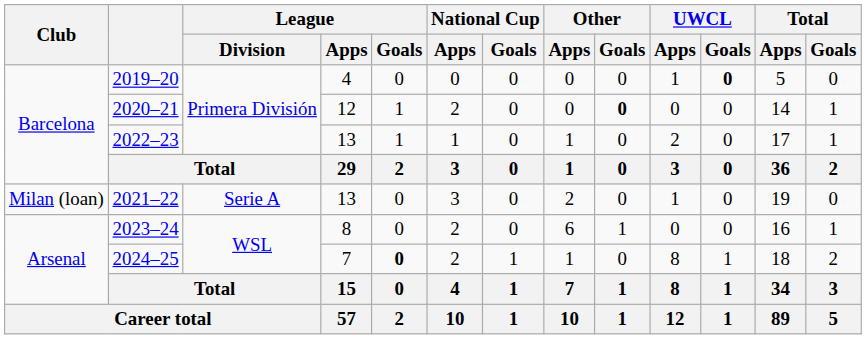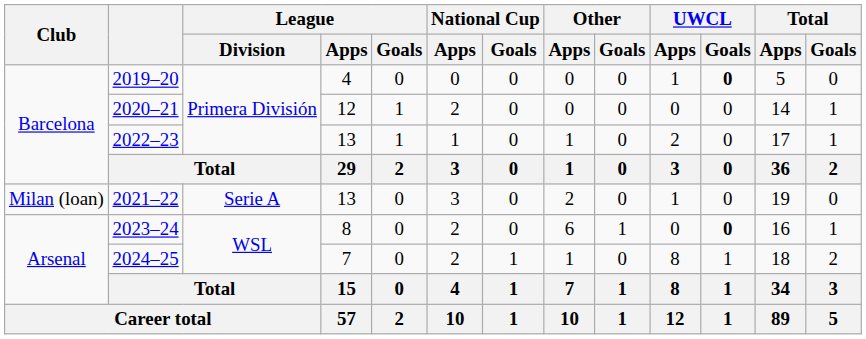 <table class=wikitable style=text-align:center>
 <tr>
 <th rowspan=2>Club</th>
 <th rowspan=2></th>
 <th colspan=3>League</th>
 <th colspan=2>National Cup</th>
 <th colspan="2">Other</th>
 <th colspan=2><a href='#'>UWCL</a></th>
 <th colspan=2>Total</th>
 </tr>
 <tr>
 <th>Division</th>
 <th>Apps</th>
 <th>Goals</th>
 <th>Apps</th>
 <th>Goals</th>
 <th>Apps</th>
 <th>Goals</th>
 <th>Apps</th>
 <th>Goals</th>
 <th>Apps</th>
 <th>Goals</th>
 </tr>
 <tr>
 <td rowspan="4"><a href='#'>Barcelona</a></td>
 <td><a href='#'>2019–20</a></td>
 <td rowspan="3" valign="center"><a href='#'>Primera División</a></td>
 <td>4</td>
 <td>0</td>
 <td>0</td>
 <td>0</td>
 <td>0</td>
 <td>0</td>
 <td>1</td>
 <td><strong>0</strong></td>
 <td>5</td>
 <td>0</td>
 </tr>
 <tr>
 <td><a href='#'>2020–21</a></td>
 <td>12</td>
 <td>1</td>
 <td>2</td>
 <td>0</td>
 <td>0</td>
-<td><strong>0</strong></td>
+<td>0</td>
 <td>0</td>
 <td>0</td>
 <td>14</td>
 <td>1</td>
 </tr>
 <tr>
 <td><a href='#'>2022–23</a></td>
 <td>13</td>
 <td>1</td>
 <td>1</td>
 <td>0</td>
 <td>1</td>
 <td>0</td>
 <td>2</td>
 <td>0</td>
 <td>17</td>
 <td>1</td>
 </tr>
 <tr>
 <th colspan="2">Total</th>
 <th>29</th>
 <th>2</th>
 <th>3</th>
 <th>0</th>
 <th>1</th>
 <th>0</th>
 <th>3</th>
 <th>0</th>
 <th>36</th>
 <th>2</th>
 </tr>
 <tr>
 <td><a href='#'>Milan</a> (loan)</td>
 <td><a href='#'>2021–22</a></td>
 <td valign="center"><a href='#'>Serie A</a></td>
 <td>13</td>
 <td>0</td>
 <td>3</td>
 <td>0</td>
 <td>2</td>
 <td>0</td>
 <td>1</td>
 <td>0</td>
 <td>19</td>
 <td>0</td>
 </tr>
 <tr>
 <td rowspan="3"><a href='#'>Arsenal</a></td>
 <td><a href='#'>2023–24</a></td>
 <td rowspan="2" valign="center"><a href='#'>WSL</a></td>
 <td>8</td>
 <td>0</td>
 <td>2</td>
 <td>0</td>
 <td>6</td>
 <td>1</td>
 <td>0</td>
-<td>0</td>
+<td><strong>0</strong></td>
 <td>16</td>
 <td>1</td>
 </tr>
 <tr>
 <td><a href='#'>2024–25</a></td>
 <td>7</td>
-<td><strong>0</strong></td>
+<td>0</td>
 <td>2</td>
 <td>1</td>
 <td>1</td>
 <td>0</td>
 <td>8</td>
 <td>1</td>
 <td>18</td>
 <td>2</td>
 </tr>
 <tr>
 <th colspan="2">Total</th>
 <th>15</th>
 <th>0</th>
 <th>4</th>
 <th>1</th>
 <th>7</th>
 <th>1</th>
 <th>8</th>
 <th>1</th>
 <th>34</th>
 <th>3</th>
 </tr>
 <tr>
 <th colspan=3>Career total</th>
 <th>57</th>
 <th>2</th>
 <th>10</th>
 <th>1</th>
 <th>10</th>
 <th>1</th>
 <th>12</th>
 <th>1</th>
 <th>89</th>
 <th>5</th>
 </tr>
 </table>
